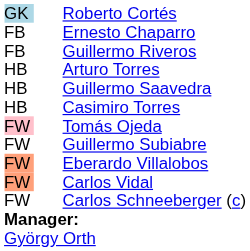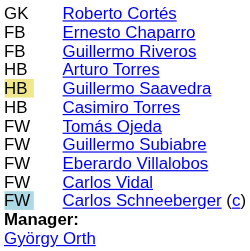 <table style="font-size:90%; margin:0.2em auto;" cellspacing="0" cellpadding="0">
 <tr>
 <th width="25"></th>
 <th width="25"></th>
 </tr>
 <tr>
-<td style="background: lightblue;">GK</td>
+<td>GK</td>
 <td></td>
 <td><a href='#'>Roberto Cortés</a></td>
 </tr>
 <tr>
 <td>FB</td>
 <td></td>
 <td><a href='#'>Ernesto Chaparro</a></td>
 </tr>
 <tr>
 <td>FB</td>
 <td></td>
 <td><a href='#'>Guillermo Riveros</a></td>
 </tr>
 <tr>
 <td>HB</td>
 <td></td>
 <td><a href='#'>Arturo Torres</a></td>
 </tr>
 <tr>
-<td>HB</td>
+<td style="background: khaki;">HB</td>
 <td></td>
 <td><a href='#'>Guillermo Saavedra</a></td>
 </tr>
 <tr>
 <td>HB</td>
 <td></td>
 <td><a href='#'>Casimiro Torres</a></td>
 </tr>
 <tr>
-<td style="background: pink;">FW</td>
+<td>FW</td>
 <td></td>
 <td><a href='#'>Tomás Ojeda</a></td>
 </tr>
 <tr>
 <td>FW</td>
 <td></td>
 <td><a href='#'>Guillermo Subiabre</a></td>
 </tr>
 <tr>
-<td style="background: lightsalmon;">FW</td>
+<td>FW</td>
 <td></td>
 <td><a href='#'>Eberardo Villalobos</a></td>
 </tr>
 <tr>
-<td style="background: lightsalmon;">FW</td>
+<td>FW</td>
 <td></td>
 <td><a href='#'>Carlos Vidal</a></td>
 </tr>
 <tr>
-<td>FW</td>
+<td style="background: lightblue;">FW</td>
 <td></td>
 <td><a href='#'>Carlos Schneeberger</a> (<a href='#'>c</a>)</td>
 </tr>
 <tr>
 <td colspan=3><strong>Manager:</strong></td>
 </tr>
 <tr>
 <td colspan=4> <a href='#'>György Orth</a></td>
 </tr>
 </table>
